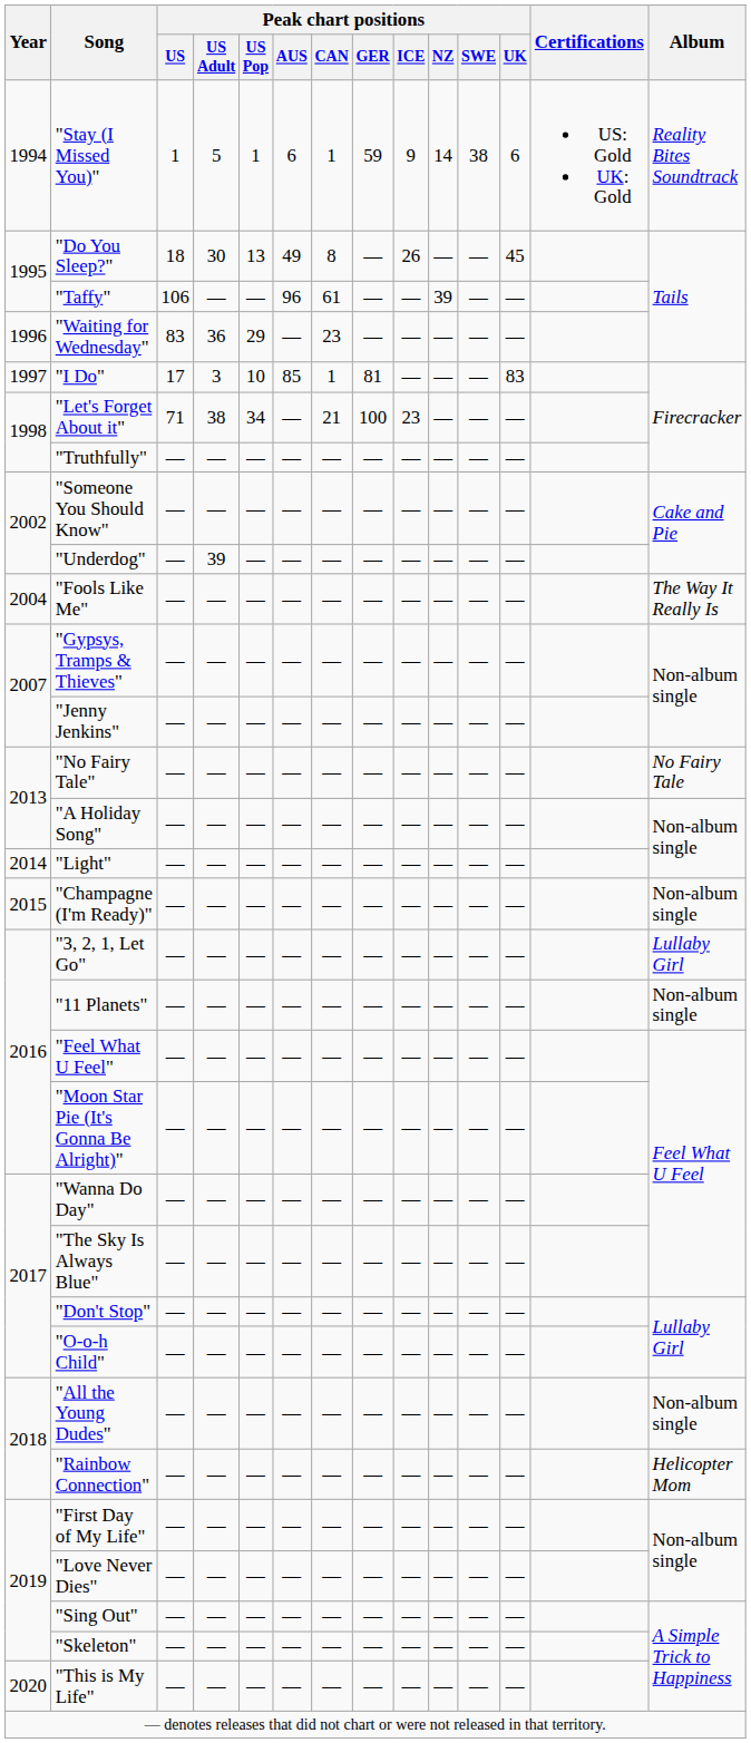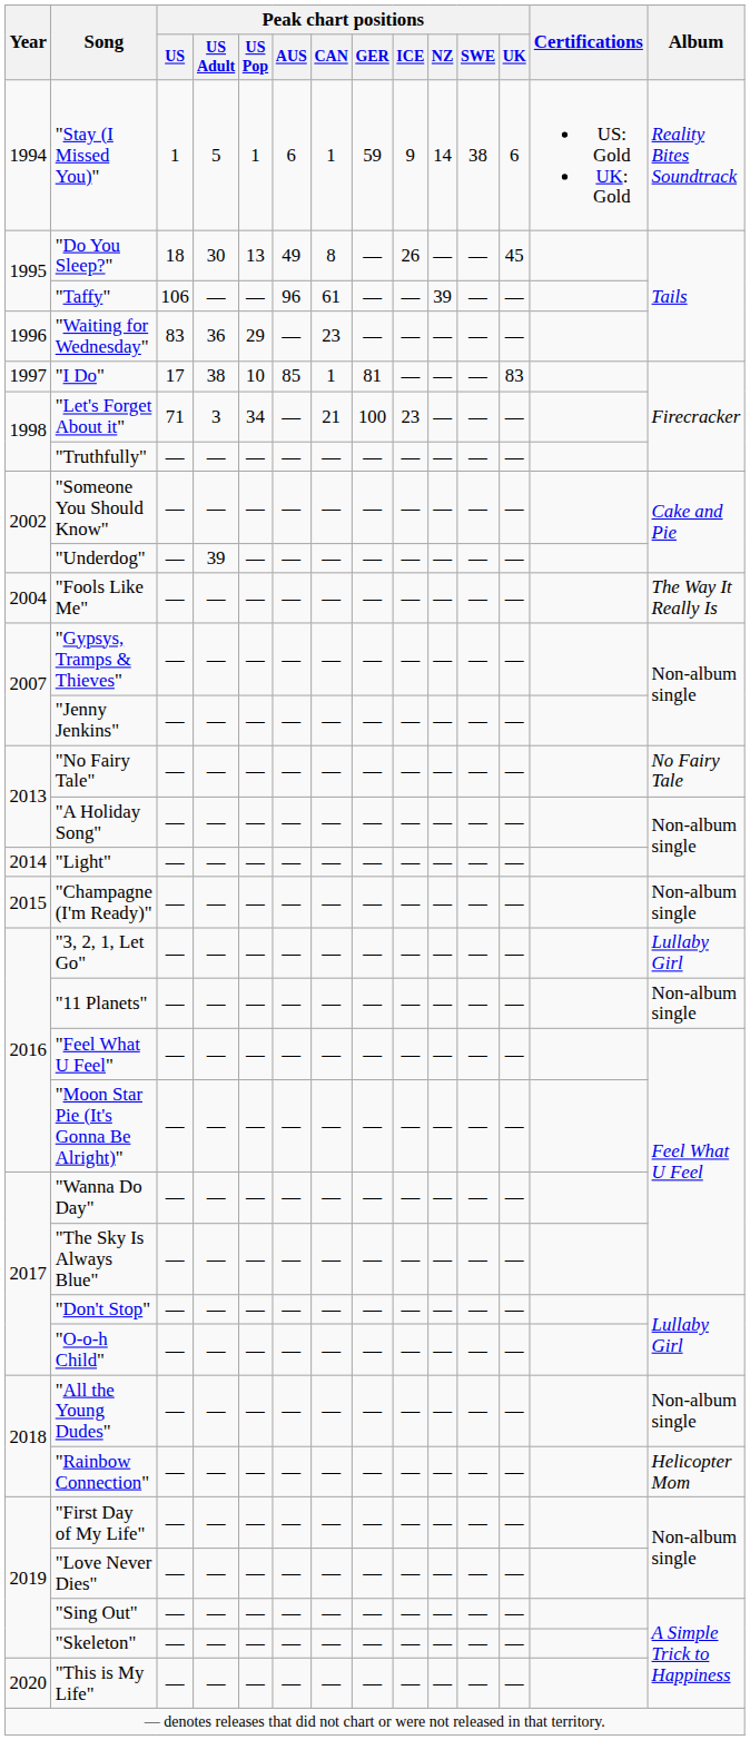 <table class="wikitable" style="text-align:center;">
 <tr>
 <th rowspan="2">Year</th>
 <th rowspan="2">Song</th>
 <th colspan="10">Peak chart positions</th>
 <th scope="col" rowspan="2"><a href='#'>Certifications</a></th>
 <th rowspan="2">Album</th>
 </tr>
 <tr style="font-size:smaller;">
 <th width="30"><a href='#'>US</a><br></th>
 <th width="30"><a href='#'>US<br>Adult</a><br></th>
 <th width="30"><a href='#'>US Pop</a><br></th>
 <th width="30"><a href='#'>AUS</a><br></th>
 <th width="30"><a href='#'>CAN</a><br></th>
 <th width="30"><a href='#'>GER</a><br></th>
 <th width="30"><a href='#'>ICE</a><br></th>
 <th width="30"><a href='#'>NZ</a><br></th>
 <th width="30"><a href='#'>SWE</a><br></th>
 <th width="30"><a href='#'>UK</a><br></th>
 </tr>
 <tr>
 <td>1994</td>
 <td align="left">"<a href='#'>Stay (I Missed You)</a>"</td>
 <td>1</td>
 <td>5</td>
 <td>1</td>
 <td>6</td>
 <td>1</td>
 <td>59</td>
 <td>9</td>
 <td>14</td>
 <td>38</td>
 <td>6</td>
 <td><br><ul><li>US: Gold</li><li><a href='#'>UK</a>: Gold</li></ul></td>
 <td align="left"><em><a href='#'>Reality Bites Soundtrack</a></em></td>
 </tr>
 <tr>
 <td rowspan="2">1995</td>
 <td align="left">"<a href='#'>Do You Sleep?</a>"</td>
 <td>18</td>
 <td>30</td>
 <td>13</td>
 <td>49</td>
 <td>8</td>
 <td>—</td>
 <td>26</td>
 <td>—</td>
 <td>—</td>
 <td>45</td>
 <td></td>
 <td align="left" rowspan="3"><em><a href='#'>Tails</a></em></td>
 </tr>
 <tr>
 <td align="left">"<a href='#'>Taffy</a>"</td>
 <td>106</td>
 <td>—</td>
 <td>—</td>
 <td>96</td>
 <td>61</td>
 <td>—</td>
 <td>—</td>
 <td>39</td>
 <td>—</td>
 <td>—</td>
 <td></td>
 </tr>
 <tr>
 <td>1996</td>
 <td align="left">"<a href='#'>Waiting for Wednesday</a>"</td>
 <td>83</td>
 <td>36</td>
 <td>29</td>
 <td>—</td>
 <td>23</td>
 <td>—</td>
 <td>—</td>
 <td>—</td>
 <td>—</td>
 <td>—</td>
 <td></td>
 </tr>
 <tr>
 <td>1997</td>
 <td align="left">"<a href='#'>I Do</a>"</td>
 <td>17</td>
-<td>3</td>
+<td>38</td>
 <td>10</td>
 <td>85</td>
 <td>1</td>
 <td>81</td>
 <td>—</td>
 <td>—</td>
 <td>—</td>
 <td>83</td>
 <td></td>
 <td align="left" rowspan="3"><em>Firecracker</em></td>
 </tr>
 <tr>
 <td rowspan="2">1998</td>
 <td align="left">"<a href='#'>Let's Forget About it</a>"</td>
 <td>71</td>
-<td>38</td>
+<td>3</td>
 <td>34</td>
 <td>—</td>
 <td>21</td>
 <td>100</td>
 <td>23</td>
 <td>—</td>
 <td>—</td>
 <td>—</td>
 <td></td>
 </tr>
 <tr>
 <td align="left">"Truthfully"</td>
 <td>—</td>
 <td>—</td>
 <td>—</td>
 <td>—</td>
 <td>—</td>
 <td>—</td>
 <td>—</td>
 <td>—</td>
 <td>—</td>
 <td>—</td>
 <td></td>
 </tr>
 <tr>
 <td rowspan="2">2002</td>
 <td align="left">"Someone You Should Know"</td>
 <td>—</td>
 <td>—</td>
 <td>—</td>
 <td>—</td>
 <td>—</td>
 <td>—</td>
 <td>—</td>
 <td>—</td>
 <td>—</td>
 <td>—</td>
 <td></td>
 <td rowspan="2" align="left"><em><a href='#'>Cake and Pie</a></em></td>
 </tr>
 <tr>
 <td align="left">"Underdog"</td>
 <td>—</td>
 <td>39</td>
 <td>—</td>
 <td>—</td>
 <td>—</td>
 <td>—</td>
 <td>—</td>
 <td>—</td>
 <td>—</td>
 <td>—</td>
 <td></td>
 </tr>
 <tr>
 <td>2004</td>
 <td align="left">"Fools Like Me"</td>
 <td>—</td>
 <td>—</td>
 <td>—</td>
 <td>—</td>
 <td>—</td>
 <td>—</td>
 <td>—</td>
 <td>—</td>
 <td>—</td>
 <td>—</td>
 <td></td>
 <td align="left"><em>The Way It Really Is</em></td>
 </tr>
 <tr>
 <td rowspan="2">2007</td>
 <td align="left">"<a href='#'>Gypsys, Tramps & Thieves</a>"</td>
 <td>—</td>
 <td>—</td>
 <td>—</td>
 <td>—</td>
 <td>—</td>
 <td>—</td>
 <td>—</td>
 <td>—</td>
 <td>—</td>
 <td>—</td>
 <td></td>
 <td rowspan="2" align="left">Non-album single</td>
 </tr>
 <tr>
 <td align="left">"Jenny Jenkins"</td>
 <td>—</td>
 <td>—</td>
 <td>—</td>
 <td>—</td>
 <td>—</td>
 <td>—</td>
 <td>—</td>
 <td>—</td>
 <td>—</td>
 <td>—</td>
 <td></td>
 </tr>
 <tr>
 <td rowspan="2">2013</td>
 <td align="left">"No Fairy Tale"</td>
 <td>—</td>
 <td>—</td>
 <td>—</td>
 <td>—</td>
 <td>—</td>
 <td>—</td>
 <td>—</td>
 <td>—</td>
 <td>—</td>
 <td>—</td>
 <td></td>
 <td align="left"><em>No Fairy Tale</em></td>
 </tr>
 <tr>
 <td align="left">"A Holiday Song"</td>
 <td>—</td>
 <td>—</td>
 <td>—</td>
 <td>—</td>
 <td>—</td>
 <td>—</td>
 <td>—</td>
 <td>—</td>
 <td>—</td>
 <td>—</td>
 <td></td>
 <td rowspan="2" align="left">Non-album single</td>
 </tr>
 <tr>
 <td>2014</td>
 <td align="left">"Light"</td>
 <td>—</td>
 <td>—</td>
 <td>—</td>
 <td>—</td>
 <td>—</td>
 <td>—</td>
 <td>—</td>
 <td>—</td>
 <td>—</td>
 <td>—</td>
 <td></td>
 </tr>
 <tr>
 <td>2015</td>
 <td align="left">"Champagne (I'm Ready)"</td>
 <td>—</td>
 <td>—</td>
 <td>—</td>
 <td>—</td>
 <td>—</td>
 <td>—</td>
 <td>—</td>
 <td>—</td>
 <td>—</td>
 <td>—</td>
 <td></td>
 <td align="left">Non-album single</td>
 </tr>
 <tr>
 <td rowspan="4">2016</td>
 <td align="left">"3, 2, 1, Let Go"</td>
 <td>—</td>
 <td>—</td>
 <td>—</td>
 <td>—</td>
 <td>—</td>
 <td>—</td>
 <td>—</td>
 <td>—</td>
 <td>—</td>
 <td>—</td>
 <td></td>
 <td align="left"><em><a href='#'>Lullaby Girl</a></em></td>
 </tr>
 <tr>
 <td align="left">"11 Planets"</td>
 <td>—</td>
 <td>—</td>
 <td>—</td>
 <td>—</td>
 <td>—</td>
 <td>—</td>
 <td>—</td>
 <td>—</td>
 <td>—</td>
 <td>—</td>
 <td></td>
 <td align="left">Non-album single</td>
 </tr>
 <tr>
 <td align="left">"<a href='#'>Feel What U Feel</a>" <br> </td>
 <td>—</td>
 <td>—</td>
 <td>—</td>
 <td>—</td>
 <td>—</td>
 <td>—</td>
 <td>—</td>
 <td>—</td>
 <td>—</td>
 <td>—</td>
 <td></td>
 <td rowspan="4" align="left"><em><a href='#'>Feel What U Feel</a></em></td>
 </tr>
 <tr>
 <td align="left">"<a href='#'>Moon Star Pie (It's Gonna Be Alright)</a>"</td>
 <td>—</td>
 <td>—</td>
 <td>—</td>
 <td>—</td>
 <td>—</td>
 <td>—</td>
 <td>—</td>
 <td>—</td>
 <td>—</td>
 <td>—</td>
 <td></td>
 </tr>
 <tr>
 <td rowspan="4">2017</td>
 <td align="left">"Wanna Do Day" <br> </td>
 <td>—</td>
 <td>—</td>
 <td>—</td>
 <td>—</td>
 <td>—</td>
 <td>—</td>
 <td>—</td>
 <td>—</td>
 <td>—</td>
 <td>—</td>
 <td></td>
 </tr>
 <tr>
 <td align="left">"The Sky Is Always Blue"</td>
 <td>—</td>
 <td>—</td>
 <td>—</td>
 <td>—</td>
 <td>—</td>
 <td>—</td>
 <td>—</td>
 <td>—</td>
 <td>—</td>
 <td>—</td>
 <td></td>
 </tr>
 <tr>
 <td align="left">"<a href='#'>Don't Stop</a>"</td>
 <td>—</td>
 <td>—</td>
 <td>—</td>
 <td>—</td>
 <td>—</td>
 <td>—</td>
 <td>—</td>
 <td>—</td>
 <td>—</td>
 <td>—</td>
 <td></td>
 <td rowspan="2" align="left"><em><a href='#'>Lullaby Girl</a></em></td>
 </tr>
 <tr>
 <td align="left">"<a href='#'>O-o-h Child</a>"</td>
 <td>—</td>
 <td>—</td>
 <td>—</td>
 <td>—</td>
 <td>—</td>
 <td>—</td>
 <td>—</td>
 <td>—</td>
 <td>—</td>
 <td>—</td>
 <td></td>
 </tr>
 <tr>
 <td rowspan="2">2018</td>
 <td align="left">"<a href='#'>All the Young Dudes</a>"</td>
 <td>—</td>
 <td>—</td>
 <td>—</td>
 <td>—</td>
 <td>—</td>
 <td>—</td>
 <td>—</td>
 <td>—</td>
 <td>—</td>
 <td>—</td>
 <td></td>
 <td align="left">Non-album single</td>
 </tr>
 <tr>
 <td align="left">"<a href='#'>Rainbow Connection</a>"</td>
 <td>—</td>
 <td>—</td>
 <td>—</td>
 <td>—</td>
 <td>—</td>
 <td>—</td>
 <td>—</td>
 <td>—</td>
 <td>—</td>
 <td>—</td>
 <td></td>
 <td align="left"><em>Helicopter Mom</em></td>
 </tr>
 <tr>
 <td rowspan="4">2019</td>
 <td align="left">"First Day of My Life"</td>
 <td>—</td>
 <td>—</td>
 <td>—</td>
 <td>—</td>
 <td>—</td>
 <td>—</td>
 <td>—</td>
 <td>—</td>
 <td>—</td>
 <td>—</td>
 <td></td>
 <td rowspan=2 align="left">Non-album single</td>
 </tr>
 <tr>
 <td align="left">"Love Never Dies"</td>
 <td>—</td>
 <td>—</td>
 <td>—</td>
 <td>—</td>
 <td>—</td>
 <td>—</td>
 <td>—</td>
 <td>—</td>
 <td>—</td>
 <td>—</td>
 <td></td>
 </tr>
 <tr>
 <td align="left">"Sing Out"</td>
 <td>—</td>
 <td>—</td>
 <td>—</td>
 <td>—</td>
 <td>—</td>
 <td>—</td>
 <td>—</td>
 <td>—</td>
 <td>—</td>
 <td>—</td>
 <td></td>
 <td rowspan="3" align="left"><em><a href='#'>A Simple Trick to Happiness</a></em></td>
 </tr>
 <tr>
 <td align="left">"Skeleton"</td>
 <td>—</td>
 <td>—</td>
 <td>—</td>
 <td>—</td>
 <td>—</td>
 <td>—</td>
 <td>—</td>
 <td>—</td>
 <td>—</td>
 <td>—</td>
 <td></td>
 </tr>
 <tr>
 <td>2020</td>
 <td align="left">"This is My Life"</td>
 <td>—</td>
 <td>—</td>
 <td>—</td>
 <td>—</td>
 <td>—</td>
 <td>—</td>
 <td>—</td>
 <td>—</td>
 <td>—</td>
 <td>—</td>
 <td></td>
 </tr>
 <tr>
 <td colspan="14" align="center" style="font-size: 10pt">— denotes releases that did not chart or were not released in that territory.</td>
 </tr>
 <tr>
 </tr>
 </table>
